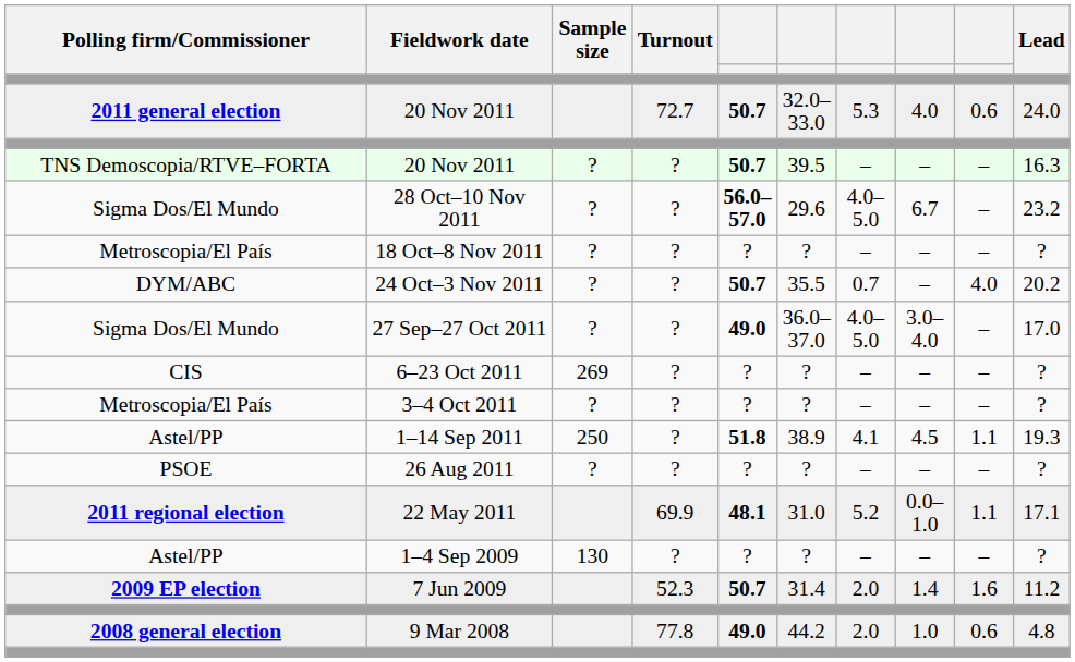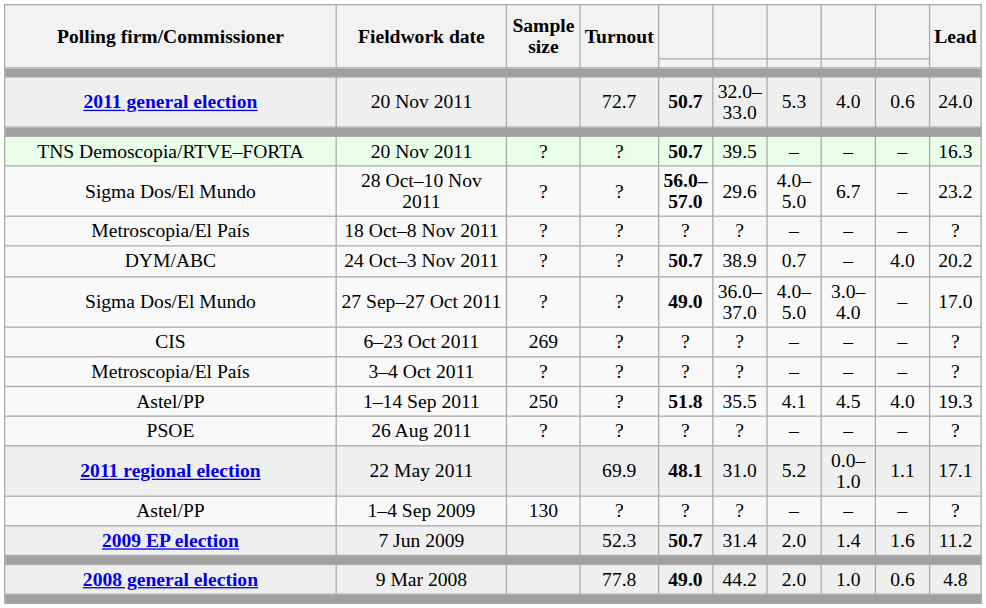 <table class="wikitable collapsible collapsed" style="text-align:center; font-size:95%; line-height:16px;">
 <tr style="height:42px;">
 <th style="width:250px;" rowspan="2">Polling firm/Commissioner</th>
 <th style="width:125px;" rowspan="2">Fieldwork date</th>
 <th style="width:50px;" rowspan="2">Sample size</th>
 <th style="width:45px;" rowspan="2">Turnout</th>
 <th style="width:35px;"></th>
 <th style="width:35px;"></th>
 <th style="width:35px;"></th>
 <th style="width:35px;"><br></th>
 <th style="width:35px;"></th>
 <th style="width:30px;" rowspan="2">Lead</th>
 </tr>
 <tr>
 <th style="color:inherit;background:"></th>
 <th style="color:inherit;background:"></th>
 <th style="color:inherit;background:"></th>
 <th style="color:inherit;background:"></th>
 <th style="color:inherit;background:"></th>
 </tr>
 <tr>
 <td colspan="10" style="background:#A0A0A0"></td>
 </tr>
 <tr style="background:#EFEFEF;">
 <td><strong><a href='#'>2011 general election</a></strong></td>
 <td>20 Nov 2011</td>
 <td></td>
 <td>72.7</td>
 <td><strong>50.7</strong><br></td>
 <td>32.0–<br>33.0<br></td>
 <td>5.3<br></td>
 <td>4.0<br></td>
 <td>0.6<br></td>
 <td style="background:">24.0</td>
 </tr>
 <tr>
 <td colspan="10" style="background:#A0A0A0"></td>
 </tr>
 <tr style="background:#EAFFEA;">
 <td>TNS Demoscopia/RTVE–FORTA</td>
 <td>20 Nov 2011</td>
 <td>?</td>
 <td>?</td>
 <td><strong>50.7</strong><br></td>
 <td>39.5<br></td>
 <td>–</td>
 <td>–</td>
 <td>–</td>
 <td style="background:">16.3</td>
 </tr>
 <tr>
 <td>Sigma Dos/El Mundo</td>
 <td>28 Oct–10 Nov 2011</td>
 <td>?</td>
 <td>?</td>
 <td><strong>56.0–<br>57.0</strong><br></td>
 <td>29.6<br></td>
 <td>4.0–<br>5.0<br></td>
 <td>6.7<br></td>
 <td>–</td>
 <td style="background:">23.2</td>
 </tr>
 <tr>
 <td>Metroscopia/El País</td>
 <td>18 Oct–8 Nov 2011</td>
 <td>?</td>
 <td>?</td>
 <td>?<br></td>
 <td>?<br></td>
 <td>–</td>
 <td>–</td>
 <td>–</td>
 <td style="background:">?</td>
 </tr>
 <tr>
 <td>DYM/ABC</td>
 <td>24 Oct–3 Nov 2011</td>
 <td>?</td>
 <td>?</td>
 <td><strong>50.7</strong><br></td>
-<td>35.5<br></td>
+<td>38.9<br></td>
 <td>0.7<br></td>
 <td>–</td>
 <td>4.0<br></td>
 <td style="background:">20.2</td>
 </tr>
 <tr>
 <td>Sigma Dos/El Mundo</td>
 <td>27 Sep–27 Oct 2011</td>
 <td>?</td>
 <td>?</td>
 <td><strong>49.0</strong><br></td>
 <td>36.0–<br>37.0<br></td>
 <td>4.0–<br>5.0<br></td>
 <td>3.0–<br>4.0<br></td>
 <td>–</td>
 <td style="background:">17.0</td>
 </tr>
 <tr>
 <td>CIS</td>
 <td>6–23 Oct 2011</td>
 <td>269</td>
 <td>?</td>
 <td>?<br></td>
 <td>?<br></td>
 <td>–</td>
 <td>–</td>
 <td>–</td>
 <td style="background:">?</td>
 </tr>
 <tr>
 <td>Metroscopia/El País</td>
 <td>3–4 Oct 2011</td>
 <td>?</td>
 <td>?</td>
 <td>?<br></td>
 <td>?<br></td>
 <td>–</td>
 <td>–</td>
 <td>–</td>
 <td style="background:">?</td>
 </tr>
 <tr>
 <td>Astel/PP</td>
 <td>1–14 Sep 2011</td>
 <td>250</td>
 <td>?</td>
 <td><strong>51.8</strong><br></td>
-<td>38.9<br></td>
+<td>35.5<br></td>
 <td>4.1<br></td>
 <td>4.5<br></td>
-<td>1.1<br></td>
+<td>4.0<br></td>
 <td style="background:">19.3</td>
 </tr>
 <tr>
 <td>PSOE</td>
 <td>26 Aug 2011</td>
 <td>?</td>
 <td>?</td>
 <td>?<br></td>
 <td>?<br></td>
 <td>–</td>
 <td>–</td>
 <td>–</td>
 <td style="background:">?</td>
 </tr>
 <tr style="background:#EFEFEF;">
 <td><strong><a href='#'>2011 regional election</a></strong></td>
 <td>22 May 2011</td>
 <td></td>
 <td>69.9</td>
 <td><strong>48.1</strong><br></td>
 <td>31.0<br></td>
 <td>5.2<br></td>
 <td>0.0–<br>1.0<br></td>
 <td>1.1<br></td>
 <td style="background:">17.1</td>
 </tr>
 <tr>
 <td>Astel/PP</td>
 <td>1–4 Sep 2009</td>
 <td>130</td>
 <td>?</td>
 <td>?<br></td>
 <td>?<br></td>
 <td>–</td>
 <td>–</td>
 <td>–</td>
 <td style="background:">?</td>
 </tr>
 <tr style="background:#EFEFEF;">
 <td><strong><a href='#'>2009 EP election</a></strong></td>
 <td>7 Jun 2009</td>
 <td></td>
 <td>52.3</td>
 <td><strong>50.7</strong><br></td>
 <td>31.4<br></td>
 <td>2.0<br></td>
 <td>1.4<br></td>
 <td>1.6<br></td>
 <td style="background:">11.2</td>
 </tr>
 <tr>
 <td colspan="10" style="background:#A0A0A0"></td>
 </tr>
 <tr style="background:#EFEFEF;">
 <td><strong><a href='#'>2008 general election</a></strong></td>
 <td>9 Mar 2008</td>
 <td></td>
 <td>77.8</td>
 <td><strong>49.0</strong><br></td>
 <td>44.2<br></td>
 <td>2.0<br></td>
 <td>1.0<br></td>
 <td>0.6<br></td>
 <td style="background:">4.8</td>
 </tr>
 <tr>
 <td colspan="10" style="background:#A0A0A0"></td>
 </tr>
 </table>
